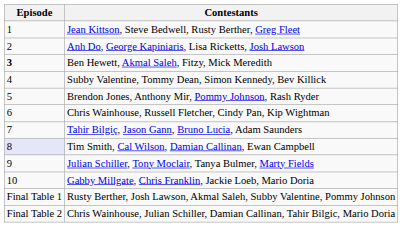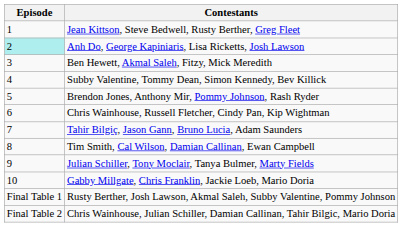 <table class="wikitable">
 <tr>
 <th>Episode</th>
 <th>Contestants</th>
 </tr>
 <tr>
 <td>1</td>
 <td><a href='#'>Jean Kittson</a>, Steve Bedwell, Rusty Berther, <a href='#'>Greg Fleet</a></td>
 </tr>
 <tr>
-<td>2</td>
+<td style="background: paleturquoise;">2</td>
 <td><a href='#'>Anh Do</a>, <a href='#'>George Kapiniaris</a>, Lisa Ricketts, <a href='#'>Josh Lawson</a></td>
 </tr>
 <tr>
-<td><strong>3</strong></td>
+<td>3</td>
 <td>Ben Hewett, <a href='#'>Akmal Saleh</a>, Fitzy, Mick Meredith</td>
 </tr>
 <tr>
 <td>4</td>
 <td>Subby Valentine, Tommy Dean, Simon Kennedy, Bev Killick</td>
 </tr>
 <tr>
 <td>5</td>
 <td>Brendon Jones, Anthony Mir, <a href='#'>Pommy Johnson</a>, Rash Ryder</td>
 </tr>
 <tr>
 <td>6</td>
 <td>Chris Wainhouse, Russell Fletcher, Cindy Pan, Kip Wightman</td>
 </tr>
 <tr>
 <td>7</td>
 <td><a href='#'>Tahir Bilgiç</a>, <a href='#'>Jason Gann</a>, <a href='#'>Bruno Lucia</a>, Adam Saunders</td>
 </tr>
 <tr>
-<td style="background: lavender;">8</td>
+<td>8</td>
 <td>Tim Smith, <a href='#'>Cal Wilson</a>, <a href='#'>Damian Callinan</a>, Ewan Campbell</td>
 </tr>
 <tr>
 <td>9</td>
 <td><a href='#'>Julian Schiller</a>, <a href='#'>Tony Moclair</a>, Tanya Bulmer, <a href='#'>Marty Fields</a></td>
 </tr>
 <tr>
 <td>10</td>
 <td><a href='#'>Gabby Millgate</a>, <a href='#'>Chris Franklin</a>, Jackie Loeb, Mario Doria</td>
 </tr>
 <tr>
 <td>Final Table 1</td>
 <td>Rusty Berther, Josh Lawson, Akmal Saleh, Subby Valentine, Pommy Johnson</td>
 </tr>
 <tr>
 <td>Final Table 2</td>
 <td>Chris Wainhouse, Julian Schiller, Damian Callinan, Tahir Bilgic, Mario Doria</td>
 </tr>
 </table>
